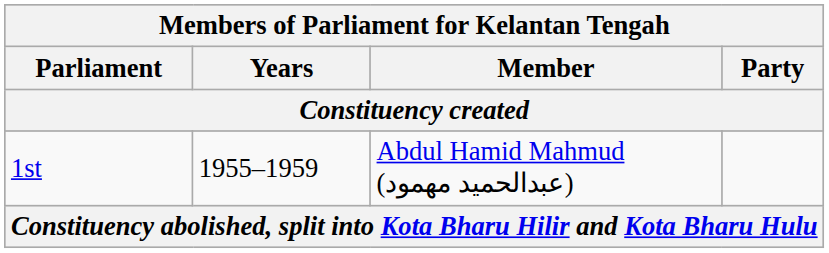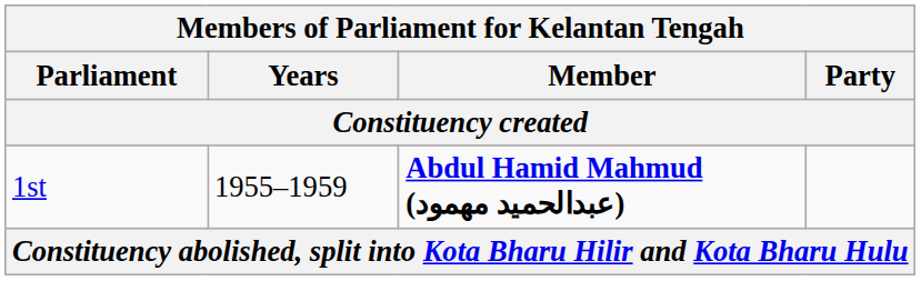 <table class="wikitable">
 <tr>
 <th colspan="4">Members of Parliament for Kelantan Tengah</th>
 </tr>
 <tr>
 <th>Parliament</th>
 <th>Years</th>
 <th>Member</th>
 <th>Party</th>
 </tr>
 <tr>
 <th colspan="4"><em>Constituency created</em></th>
 </tr>
 <tr>
 <td><a href='#'>1st</a></td>
 <td>1955–1959</td>
-<td><a href='#'>Abdul Hamid Mahmud</a> <br>  (عبدالحميد مهمود)</td>
+<td><strong><a href='#'>Abdul Hamid Mahmud</a> <br>  (عبدالحميد مهمود)</strong></td>
 <td></td>
 </tr>
 <tr>
 <th colspan="4"><em>Constituency abolished, split into <a href='#'>Kota Bharu Hilir</a> and <a href='#'>Kota Bharu Hulu</a></em></th>
 </tr>
 </table>
